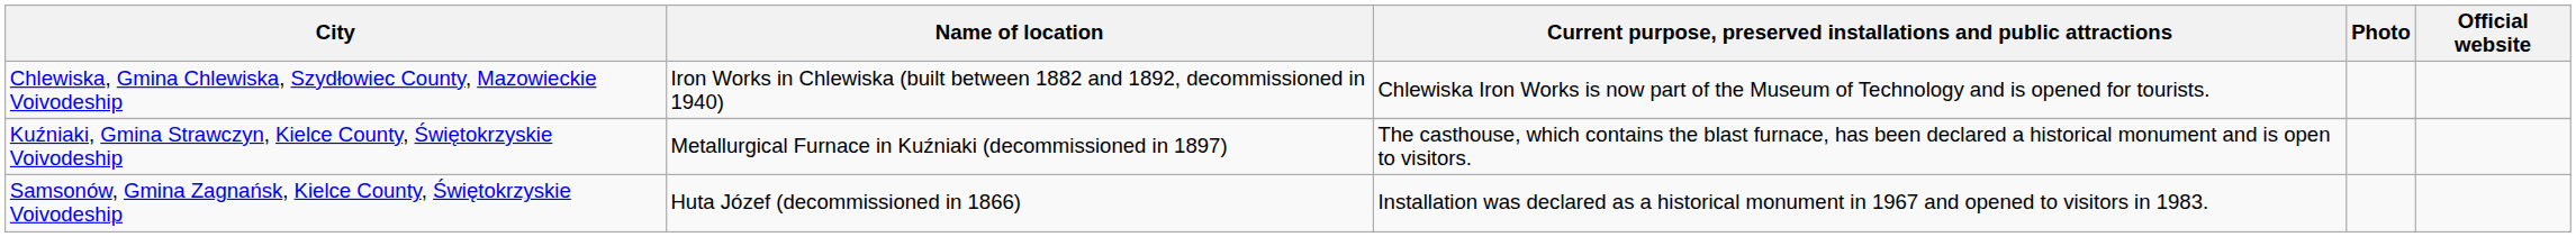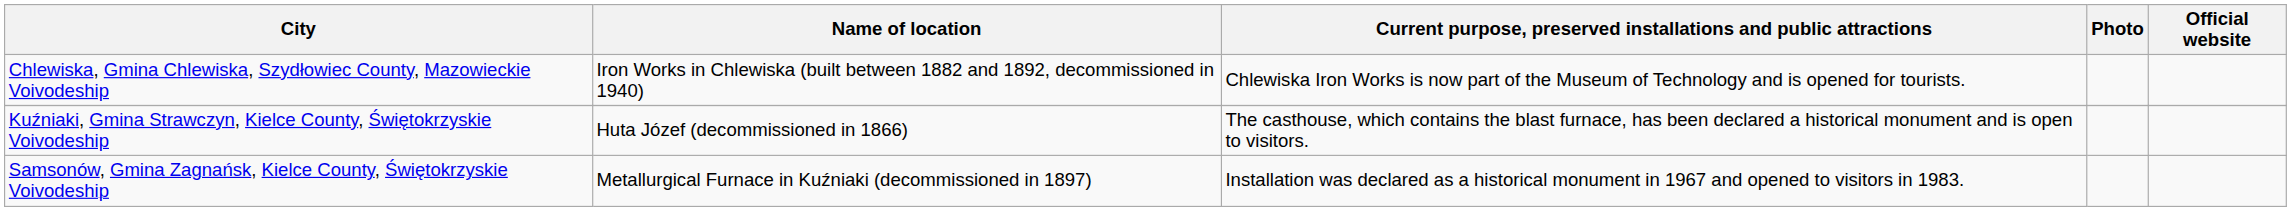 <table class="wikitable">
 <tr>
 <th>City</th>
 <th>Name of location</th>
 <th>Current purpose, preserved installations and public attractions</th>
 <th>Photo</th>
 <th>Official website</th>
 </tr>
 <tr>
 <td><a href='#'>Chlewiska</a>, <a href='#'>Gmina Chlewiska</a>, <a href='#'>Szydłowiec County</a>, <a href='#'>Mazowieckie Voivodeship</a></td>
 <td>Iron Works in Chlewiska (built between 1882 and 1892, decommissioned in 1940)</td>
 <td>Chlewiska Iron Works is now part of the Museum of Technology and is opened for tourists.</td>
 <td></td>
 <td></td>
 </tr>
 <tr>
 </tr>
 <tr>
 <td><a href='#'>Kuźniaki</a>, <a href='#'>Gmina Strawczyn</a>, <a href='#'>Kielce County</a>, <a href='#'>Świętokrzyskie Voivodeship</a></td>
-<td>Metallurgical Furnace in Kuźniaki (decommissioned in 1897)</td>
+<td>Huta Józef (decommissioned in 1866)</td>
 <td>The casthouse, which contains the blast furnace, has been declared a historical monument and is open to visitors.</td>
 <td></td>
 <td></td>
 </tr>
 <tr>
 <td><a href='#'>Samsonów</a>, <a href='#'>Gmina Zagnańsk</a>, <a href='#'>Kielce County</a>, <a href='#'>Świętokrzyskie Voivodeship</a></td>
-<td>Huta Józef (decommissioned in 1866)</td>
+<td>Metallurgical Furnace in Kuźniaki (decommissioned in 1897)</td>
 <td>Installation was declared as a historical monument in 1967 and opened to visitors in 1983.</td>
 <td></td>
 <td></td>
 </tr>
 </table>
